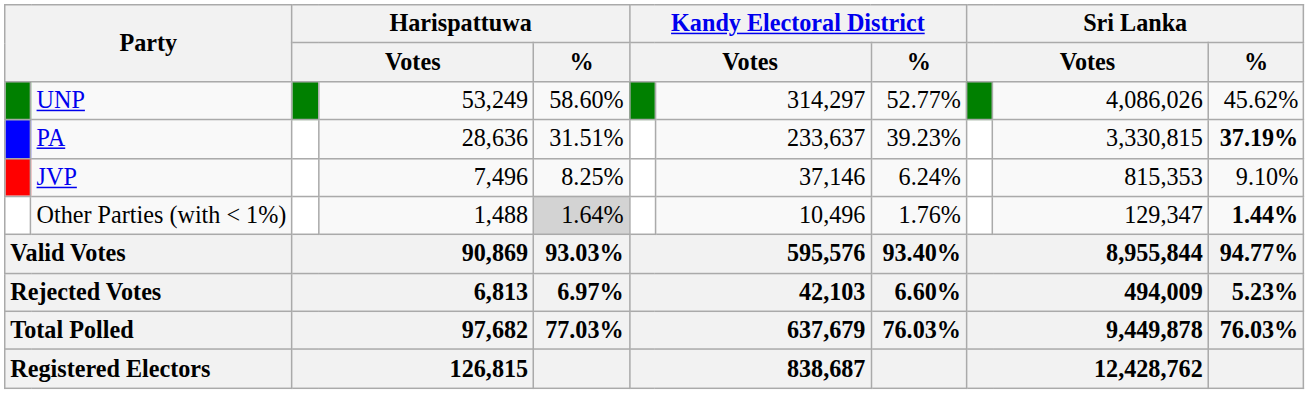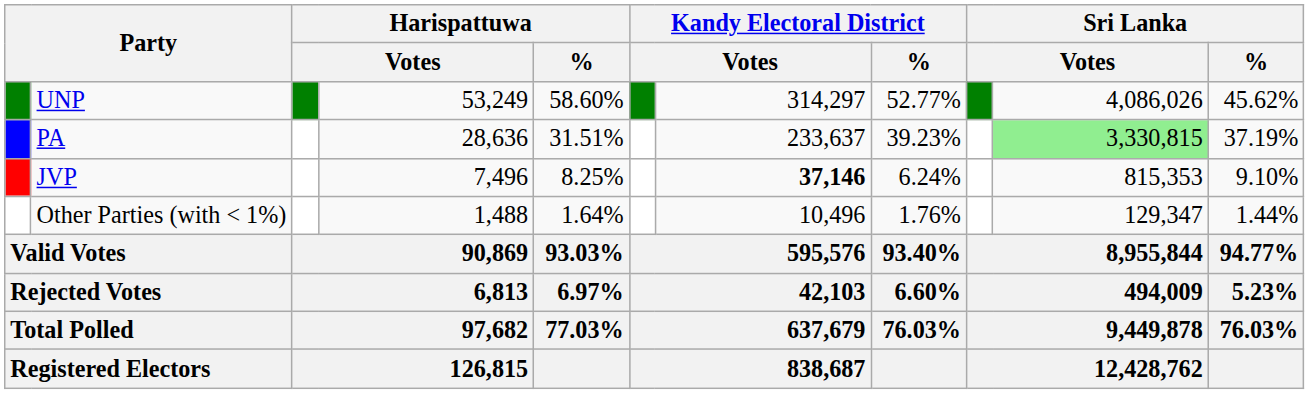 <table class="wikitable">
 <tr>
 <th colspan="2" width="144px"rowspan="2">Party</th>
 <th colspan="3" width="216px">Harispattuwa</th>
 <th colspan="3" width="216px"><a href='#'>Kandy Electoral District</a></th>
 <th colspan="3" width="216px">Sri Lanka</th>
 </tr>
 <tr>
 <th colspan="2" width="144px">Votes</th>
 <th>%</th>
 <th colspan="2" width="144px">Votes</th>
 <th>%</th>
 <th colspan="2" width="144px">Votes</th>
 <th>%</th>
 </tr>
 <tr>
 <td style="background-color:green;" width="10px"></td>
 <td style="text-align:left;"><a href='#'>UNP</a></td>
 <td style="background-color:green;" width="10px"></td>
 <td style="text-align:right;">53,249</td>
 <td style="text-align:right;">58.60%</td>
 <td style="background-color:green;" width="10px"></td>
 <td style="text-align:right;">314,297</td>
 <td style="text-align:right;">52.77%</td>
 <td style="background-color:green;" width="10px"></td>
 <td style="text-align:right;">4,086,026</td>
 <td style="text-align:right;">45.62%</td>
 </tr>
 <tr>
 <td style="background-color:blue;" width="10px"></td>
 <td style="text-align:left;"><a href='#'>PA</a></td>
 <td style="background-color:white;" width="10px"></td>
 <td style="text-align:right;">28,636</td>
 <td style="text-align:right;">31.51%</td>
 <td style="background-color:white;" width="10px"></td>
 <td style="text-align:right;">233,637</td>
 <td style="text-align:right;">39.23%</td>
 <td style="background-color:white;" width="10px"></td>
-<td style="text-align:right;">3,330,815</td>
-<td style="text-align:right;"><strong>37.19%</strong></td>
+<td style="background: lightgreen; text-align:right;">3,330,815</td>
+<td style="text-align:right;">37.19%</td>
 </tr>
 <tr>
 <td style="background-color:red;" width="10px"></td>
 <td style="text-align:left;"><a href='#'>JVP</a></td>
 <td style="background-color:white;" width="10px"></td>
 <td style="text-align:right;">7,496</td>
 <td style="text-align:right;">8.25%</td>
 <td style="background-color:white;" width="10px"></td>
-<td style="text-align:right;">37,146</td>
+<td style="text-align:right;"><strong>37,146</strong></td>
 <td style="text-align:right;">6.24%</td>
 <td style="background-color:white;" width="10px"></td>
 <td style="text-align:right;">815,353</td>
 <td style="text-align:right;">9.10%</td>
 </tr>
 <tr>
 <td style="background-color:white;" width="10px"></td>
 <td style="text-align:left;">Other Parties (with < 1%)</td>
 <td style="background-color:white;" width="10px"></td>
 <td style="text-align:right;">1,488</td>
-<td style="background: lightgrey; text-align:right;">1.64%</td>
+<td style="text-align:right;">1.64%</td>
 <td style="background-color:white;" width="10px"></td>
 <td style="text-align:right;">10,496</td>
 <td style="text-align:right;">1.76%</td>
 <td style="background-color:white;" width="10px"></td>
 <td style="text-align:right;">129,347</td>
-<td style="text-align:right;"><strong>1.44%</strong></td>
+<td style="text-align:right;">1.44%</td>
 </tr>
 <tr>
 <th colspan="2" width="144px"style="text-align:left;">Valid Votes</th>
 <th style="text-align:right;"colspan="2" width="144px">90,869</th>
 <th style="text-align:right;">93.03%</th>
 <th style="text-align:right;"colspan="2" width="144px">595,576</th>
 <th style="text-align:right;">93.40%</th>
 <th style="text-align:right;"colspan="2" width="144px">8,955,844</th>
 <th style="text-align:right;">94.77%</th>
 </tr>
 <tr>
 <th colspan="2" width="144px"style="text-align:left;">Rejected Votes</th>
 <th style="text-align:right;"colspan="2" width="144px">6,813</th>
 <th style="text-align:right;">6.97%</th>
 <th style="text-align:right;"colspan="2" width="144px">42,103</th>
 <th style="text-align:right;">6.60%</th>
 <th style="text-align:right;"colspan="2" width="144px">494,009</th>
 <th style="text-align:right;">5.23%</th>
 </tr>
 <tr>
 <th colspan="2" width="144px"style="text-align:left;">Total Polled</th>
 <th style="text-align:right;"colspan="2" width="144px">97,682</th>
 <th style="text-align:right;">77.03%</th>
 <th style="text-align:right;"colspan="2" width="144px">637,679</th>
 <th style="text-align:right;">76.03%</th>
 <th style="text-align:right;"colspan="2" width="144px">9,449,878</th>
 <th style="text-align:right;">76.03%</th>
 </tr>
 <tr>
 <th colspan="2" width="144px"style="text-align:left;">Registered Electors</th>
 <th style="text-align:right;"colspan="2" width="144px">126,815</th>
 <th></th>
 <th style="text-align:right;"colspan="2" width="144px">838,687</th>
 <th></th>
 <th style="text-align:right;"colspan="2" width="144px">12,428,762</th>
 <th></th>
 </tr>
 </table>
